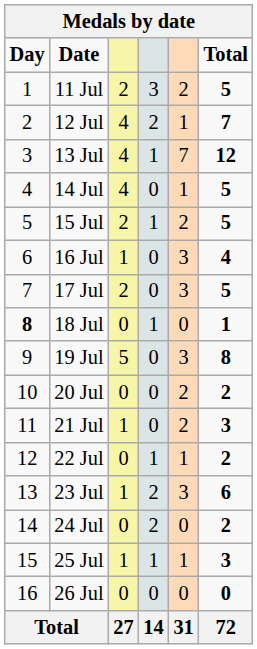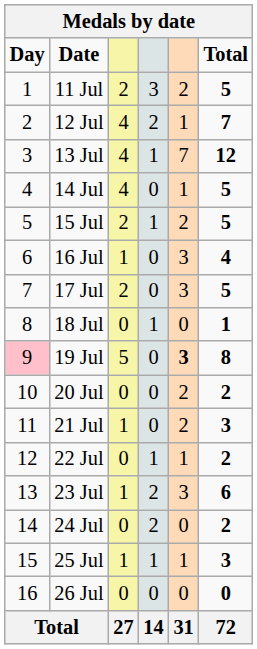 <table class="wikitable" style="font-size:85%; text-align:center">
 <tr style="background:#efefef;">
 <th colspan=6>Medals by date</th>
 </tr>
 <tr>
 <td><strong>Day</strong></td>
 <td><strong>Date</strong></td>
 <td style="background:#F7F6A8;"></td>
 <td style="background:#DCE5E5;"></td>
 <td style="background:#FFDAB9;"></td>
 <td><strong>Total</strong></td>
 </tr>
 <tr>
 <td>1</td>
 <td>11 Jul</td>
 <td style="background:#F7F6A8;">2</td>
 <td style="background:#DCE5E5;">3</td>
 <td style="background:#FFDAB9;">2</td>
 <td><strong>5</strong></td>
 </tr>
 <tr>
 <td>2</td>
 <td>12 Jul</td>
 <td style="background:#F7F6A8;">4</td>
 <td style="background:#DCE5E5;">2</td>
 <td style="background:#FFDAB9;">1</td>
 <td><strong>7</strong></td>
 </tr>
 <tr>
 <td>3</td>
 <td>13 Jul</td>
 <td style="background:#F7F6A8;">4</td>
 <td style="background:#DCE5E5;">1</td>
 <td style="background:#FFDAB9;">7</td>
 <td><strong>12</strong></td>
 </tr>
 <tr>
 <td>4</td>
 <td>14 Jul</td>
 <td style="background:#F7F6A8;">4</td>
 <td style="background:#DCE5E5;">0</td>
 <td style="background:#FFDAB9;">1</td>
 <td><strong>5</strong></td>
 </tr>
 <tr>
 <td>5</td>
 <td>15 Jul</td>
 <td style="background:#F7F6A8;">2</td>
 <td style="background:#DCE5E5;">1</td>
 <td style="background:#FFDAB9;">2</td>
 <td><strong>5</strong></td>
 </tr>
 <tr>
 <td>6</td>
 <td>16 Jul</td>
 <td style="background:#F7F6A8;">1</td>
 <td style="background:#DCE5E5;">0</td>
 <td style="background:#FFDAB9;">3</td>
 <td><strong>4</strong></td>
 </tr>
 <tr>
 <td>7</td>
 <td>17 Jul</td>
 <td style="background:#F7F6A8;">2</td>
 <td style="background:#DCE5E5;">0</td>
 <td style="background:#FFDAB9;">3</td>
 <td><strong>5</strong></td>
 </tr>
 <tr>
-<td><strong>8</strong></td>
+<td>8</td>
 <td>18 Jul</td>
 <td style="background:#F7F6A8;">0</td>
 <td style="background:#DCE5E5;">1</td>
 <td style="background:#FFDAB9;">0</td>
 <td><strong>1</strong></td>
 </tr>
 <tr>
-<td>9</td>
+<td style="background: pink;">9</td>
 <td>19 Jul</td>
 <td style="background:#F7F6A8;">5</td>
 <td style="background:#DCE5E5;">0</td>
-<td style="background:#FFDAB9;">3</td>
+<td style="background:#FFDAB9;"><strong>3</strong></td>
 <td><strong>8</strong></td>
 </tr>
 <tr>
 <td>10</td>
 <td>20 Jul</td>
 <td style="background:#F7F6A8;">0</td>
 <td style="background:#DCE5E5;">0</td>
 <td style="background:#FFDAB9;">2</td>
 <td><strong>2</strong></td>
 </tr>
 <tr>
 <td>11</td>
 <td>21 Jul</td>
 <td style="background:#F7F6A8;">1</td>
 <td style="background:#DCE5E5;">0</td>
 <td style="background:#FFDAB9;">2</td>
 <td><strong>3</strong></td>
 </tr>
 <tr>
 <td>12</td>
 <td>22 Jul</td>
 <td style="background:#F7F6A8;">0</td>
 <td style="background:#DCE5E5;">1</td>
 <td style="background:#FFDAB9;">1</td>
 <td><strong>2</strong></td>
 </tr>
 <tr>
 <td>13</td>
 <td>23 Jul</td>
 <td style="background:#F7F6A8;">1</td>
 <td style="background:#DCE5E5;">2</td>
 <td style="background:#FFDAB9;">3</td>
 <td><strong>6</strong></td>
 </tr>
 <tr>
 <td>14</td>
 <td>24 Jul</td>
 <td style="background:#F7F6A8;">0</td>
 <td style="background:#DCE5E5;">2</td>
 <td style="background:#FFDAB9;">0</td>
 <td><strong>2</strong></td>
 </tr>
 <tr>
 <td>15</td>
 <td>25 Jul</td>
 <td style="background:#F7F6A8;">1</td>
 <td style="background:#DCE5E5;">1</td>
 <td style="background:#FFDAB9;">1</td>
 <td><strong>3</strong></td>
 </tr>
 <tr>
 <td>16</td>
 <td>26 Jul</td>
 <td style="background:#F7F6A8;">0</td>
 <td style="background:#DCE5E5;">0</td>
 <td style="background:#FFDAB9;">0</td>
 <td><strong>0</strong></td>
 </tr>
 <tr>
 <th colspan="2">Total</th>
 <th>27</th>
 <th>14</th>
 <th>31</th>
 <th>72</th>
 </tr>
 </table>
